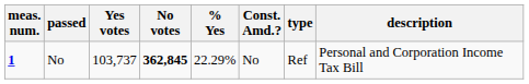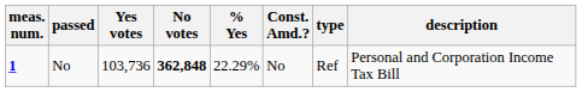 <table class="wikitable sortable">
 <tr>
 <th>meas.<br>num.</th>
 <th>passed</th>
 <th>Yes<br>votes</th>
 <th>No<br>votes</th>
 <th>%<br>Yes</th>
 <th>Const.<br>Amd.?</th>
 <th>type</th>
 <th>description</th>
 </tr>
 <tr>
 <td><strong><a href='#'>1</a></strong></td>
 <td>No</td>
-<td>103,737</td>
-<td><strong>362,845</strong></td>
+<td>103,736</td>
+<td><strong>362,848</strong></td>
 <td>22.29%</td>
 <td>No</td>
 <td>Ref</td>
 <td>Personal and Corporation Income Tax Bill</td>
 </tr>
 </table>
